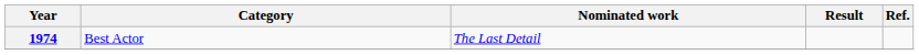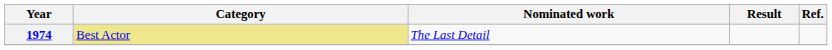 <table class=wikitable>
 <tr>
 <th scope="col" style="width:5em;">Year</th>
 <th scope="col" style="width:26em;">Category</th>
 <th scope="col" style="width:25em;">Nominated work</th>
 <th scope="col" style="width:5em;">Result</th>
 <th>Ref.</th>
 </tr>
 <tr>
 <th scope="row", style="text-align:center;"><a href='#'>1974</a></th>
-<td><a href='#'>Best Actor</a></td>
+<td style="background: khaki;"><a href='#'>Best Actor</a></td>
 <td><em><a href='#'>The Last Detail</a></em></td>
 <td></td>
 <td style="text-align:center;"></td>
 </tr>
 <tr>
 </tr>
 </table>
